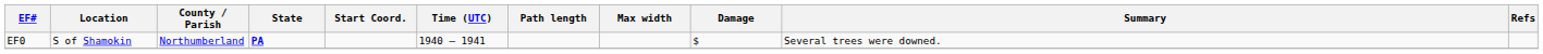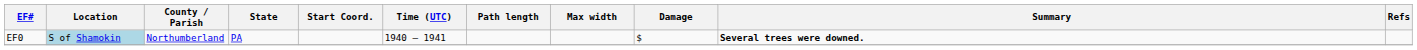 <table class="wikitable sortable" style="width:100%;">
 <tr>
 <th scope="col" width="3%" align="center"><a href='#'>EF#</a></th>
 <th scope="col" width="7%" align="center" class="unsortable">Location</th>
 <th scope="col" width="6%" align="center" class="unsortable">County / Parish</th>
 <th scope="col" width="5%" align="center">State</th>
 <th scope="col" width="6%" align="center">Start Coord.</th>
 <th scope="col" width="6%" align="center">Time (<a href='#'>UTC</a>)</th>
 <th scope="col" width="6%" align="center">Path length</th>
 <th scope="col" width="6%" align="center">Max width</th>
 <th scope="col" width="6%" align="center">Damage</th>
 <th scope="col" width="48%" class="unsortable" align="center">Summary</th>
 <th scope="col" width="48%" class="unsortable" align="center">Refs</th>
 </tr>
 <tr>
 <td>EF0</td>
-<td>S of <a href='#'>Shamokin</a></td>
+<td style="background: lightblue;">S of <a href='#'>Shamokin</a></td>
 <td><a href='#'>Northumberland</a></td>
-<td><strong><a href='#'>PA</a></strong></td>
+<td><a href='#'>PA</a></td>
 <td></td>
 <td>1940 – 1941</td>
 <td></td>
 <td></td>
 <td>$</td>
-<td>Several trees were downed.</td>
+<td><strong>Several trees were downed.</strong></td>
 <td></td>
 </tr>
 <tr>
 </tr>
 </table>
